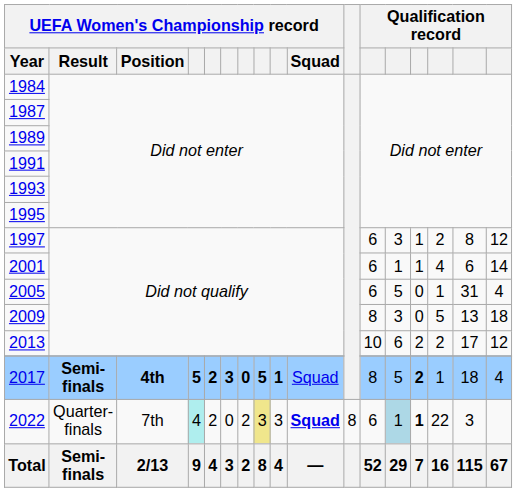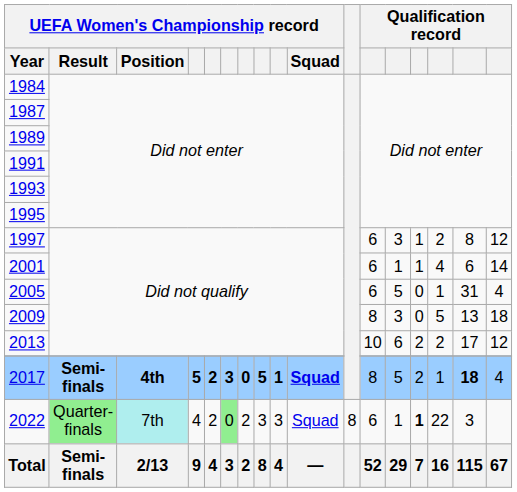 <table class="wikitable" style="text-align: center; width:75%;">
 <tr>
 <th colspan=10><a href='#'>UEFA Women's Championship</a> record</th>
 <th width=1% rowspan=2></th>
 <th colspan=7>Qualification record</th>
 </tr>
 <tr>
 <th>Year</th>
 <th>Result</th>
 <th>Position</th>
 <th></th>
 <th></th>
 <th></th>
 <th></th>
 <th></th>
 <th></th>
 <th>Squad</th>
 <th></th>
 <th></th>
 <th></th>
 <th></th>
 <th></th>
 <th></th>
 </tr>
 <tr>
 <td><a href='#'>1984</a></td>
 <td colspan=9 rowspan=6><em>Did not enter</em></td>
 <th width=1% rowspan=13></th>
 <td colspan=9 rowspan=6><em>Did not enter</em></td>
 </tr>
 <tr>
 <td> <a href='#'>1987</a></td>
 </tr>
 <tr>
 <td> <a href='#'>1989</a></td>
 </tr>
 <tr>
 <td> <a href='#'>1991</a></td>
 </tr>
 <tr>
 <td> <a href='#'>1993</a></td>
 </tr>
 <tr>
 <td> <a href='#'>1995</a></td>
 </tr>
 <tr>
 <td>  <a href='#'>1997</a></td>
 <td colspan=9 rowspan=5><em>Did not qualify</em></td>
 <td>6</td>
 <td>3</td>
 <td>1</td>
 <td>2</td>
 <td>8</td>
 <td>12</td>
 </tr>
 <tr>
 <td> <a href='#'>2001</a></td>
 <td>6</td>
 <td>1</td>
 <td>1</td>
 <td>4</td>
 <td>6</td>
 <td>14</td>
 </tr>
 <tr>
 <td> <a href='#'>2005</a></td>
 <td>6</td>
 <td>5</td>
 <td>0</td>
 <td>1</td>
 <td>31</td>
 <td>4</td>
 </tr>
 <tr>
 <td> <a href='#'>2009</a></td>
 <td>8</td>
 <td>3</td>
 <td>0</td>
 <td>5</td>
 <td>13</td>
 <td>18</td>
 </tr>
 <tr>
 <td> <a href='#'>2013</a></td>
 <td>10</td>
 <td>6</td>
 <td>2</td>
 <td>2</td>
 <td>17</td>
 <td>12</td>
 </tr>
 <tr>
 </tr>
 <tr style="background:#9acdff">
 <td> <a href='#'>2017</a></td>
 <td><strong>Semi-finals</strong></td>
 <td><strong>4th</strong></td>
 <td><strong>5</strong></td>
 <td><strong>2</strong></td>
 <td><strong>3</strong></td>
 <td><strong>0</strong></td>
 <td><strong>5</strong></td>
 <td><strong>1</strong></td>
-<td><a href='#'>Squad</a></td>
+<td><strong><a href='#'>Squad</a></strong></td>
 <td>8</td>
 <td>5</td>
-<td><strong>2</strong></td>
+<td>2</td>
 <td>1</td>
-<td>18</td>
+<td><strong>18</strong></td>
 <td>4</td>
 </tr>
 <tr>
 <td> <a href='#'>2022</a></td>
-<td>Quarter-finals</td>
-<td>7th</td>
-<td style="background: paleturquoise;">4</td>
+<td style="background: lightgreen;">Quarter-finals</td>
+<td style="background: paleturquoise;">7th</td>
+<td>4</td>
 <td>2</td>
-<td>0</td>
+<td style="background: lightgreen;">0</td>
 <td>2</td>
-<td style="background: khaki;">3</td>
 <td>3</td>
-<td><strong><a href='#'>Squad</a></strong></td>
+<td>3</td>
+<td><a href='#'>Squad</a></td>
 <td>8</td>
 <td>6</td>
-<td style="background: lightblue;">1</td>
+<td>1</td>
 <td><strong>1</strong></td>
 <td>22</td>
 <td>3</td>
 </tr>
 <tr>
 <th>Total</th>
 <th>Semi-finals</th>
 <th>2/13</th>
 <th>9</th>
 <th>4</th>
 <th>3</th>
 <th>2</th>
 <th>8</th>
 <th>4</th>
 <th>—</th>
 <th width=1%></th>
 <th>52</th>
 <th>29</th>
 <th>7</th>
 <th>16</th>
 <th>115</th>
 <th>67</th>
 </tr>
 </table>
